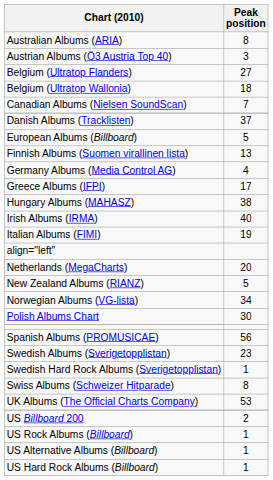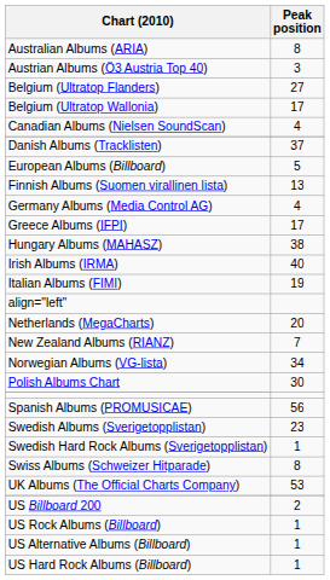 <table class="wikitable sortable">
 <tr>
 <th>Chart (2010)</th>
 <th>Peak<br>position</th>
 </tr>
 <tr>
 <td align="left">Australian Albums (<a href='#'>ARIA</a>)</td>
 <td style="text-align:center;">8</td>
 </tr>
 <tr>
 <td align="left">Austrian Albums (<a href='#'>Ö3 Austria Top 40</a>)</td>
 <td style="text-align:center;">3</td>
 </tr>
 <tr>
 <td align="left">Belgium (<a href='#'>Ultratop Flanders</a>)</td>
 <td style="text-align:center;">27</td>
 </tr>
 <tr>
 <td align="left">Belgium (<a href='#'>Ultratop Wallonia</a>)</td>
-<td style="text-align:center;">18</td>
+<td style="text-align:center;">17</td>
 </tr>
 <tr>
 <td align="left">Canadian Albums (<a href='#'>Nielsen SoundScan</a>)</td>
-<td style="text-align:center;">7</td>
+<td style="text-align:center;">4</td>
 </tr>
 <tr>
 </tr>
 <tr>
 <td align="left">Danish Albums (<a href='#'>Tracklisten</a>)</td>
 <td style="text-align:center;">37</td>
 </tr>
 <tr>
 <td>European Albums (<em>Billboard</em>)</td>
 <td align="center">5</td>
 </tr>
 <tr>
 <td align="left">Finnish Albums (<a href='#'>Suomen virallinen lista</a>)</td>
 <td style="text-align:center;">13</td>
 </tr>
 <tr>
 <td align="left">Germany Albums (<a href='#'>Media Control AG</a>)</td>
 <td style="text-align:center;">4</td>
 </tr>
 <tr>
 <td align="left">Greece Albums (<a href='#'>IFPI</a>)</td>
 <td style="text-align:center;">17</td>
 </tr>
 <tr>
 <td align="left">Hungary Albums (<a href='#'>MAHASZ</a>)</td>
 <td style="text-align:center;">38</td>
 </tr>
 <tr>
 <td align="left">Irish Albums (<a href='#'>IRMA</a>)</td>
 <td style="text-align:center;">40</td>
 </tr>
 <tr>
 <td align="left">Italian Albums (<a href='#'>FIMI</a>)</td>
 <td style="text-align:center;">19</td>
 </tr>
 <tr>
 <td>align="left"</td>
 </tr>
 <tr>
 <td align="left">Netherlands (<a href='#'>MegaCharts</a>)</td>
 <td style="text-align:center;">20</td>
 </tr>
 <tr>
 <td align="left">New Zealand Albums (<a href='#'>RIANZ</a>)</td>
-<td style="text-align:center;">5</td>
+<td style="text-align:center;">7</td>
 </tr>
 <tr>
 <td align="left">Norwegian Albums (<a href='#'>VG-lista</a>)</td>
 <td style="text-align:center;">34</td>
 </tr>
 <tr>
 <td><a href='#'>Polish Albums Chart</a></td>
 <td style="text-align:center;">30</td>
 </tr>
 <tr>
 </tr>
 <tr>
 <td></td>
 </tr>
 <tr>
 <td align="left">Spanish Albums (<a href='#'>PROMUSICAE</a>)</td>
 <td style="text-align:center;">56</td>
 </tr>
 <tr>
 <td align="left">Swedish Albums (<a href='#'>Sverigetopplistan</a>)</td>
 <td style="text-align:center;">23</td>
 </tr>
 <tr>
 <td align="left">Swedish Hard Rock Albums (<a href='#'>Sverigetopplistan</a>)</td>
 <td style="text-align:center;">1</td>
 </tr>
 <tr>
 <td align="left">Swiss Albums (<a href='#'>Schweizer Hitparade</a>)</td>
 <td style="text-align:center;">8</td>
 </tr>
 <tr>
 <td align="left">UK Albums (<a href='#'>The Official Charts Company</a>)</td>
 <td style="text-align:center;">53</td>
 </tr>
 <tr>
 </tr>
 <tr>
 <td align="left">US <a href='#'><em>Billboard</em> 200</a></td>
 <td style="text-align:center;">2</td>
 </tr>
 <tr>
 <td align="left">US Rock Albums (<em><a href='#'>Billboard</a></em>)</td>
 <td style="text-align:center;">1</td>
 </tr>
 <tr>
 <td align="left">US Alternative Albums (<em>Billboard</em>)</td>
 <td style="text-align:center;">1</td>
 </tr>
 <tr>
 <td align="left">US Hard Rock Albums (<em>Billboard</em>)</td>
 <td style="text-align:center;">1</td>
 </tr>
 </table>
